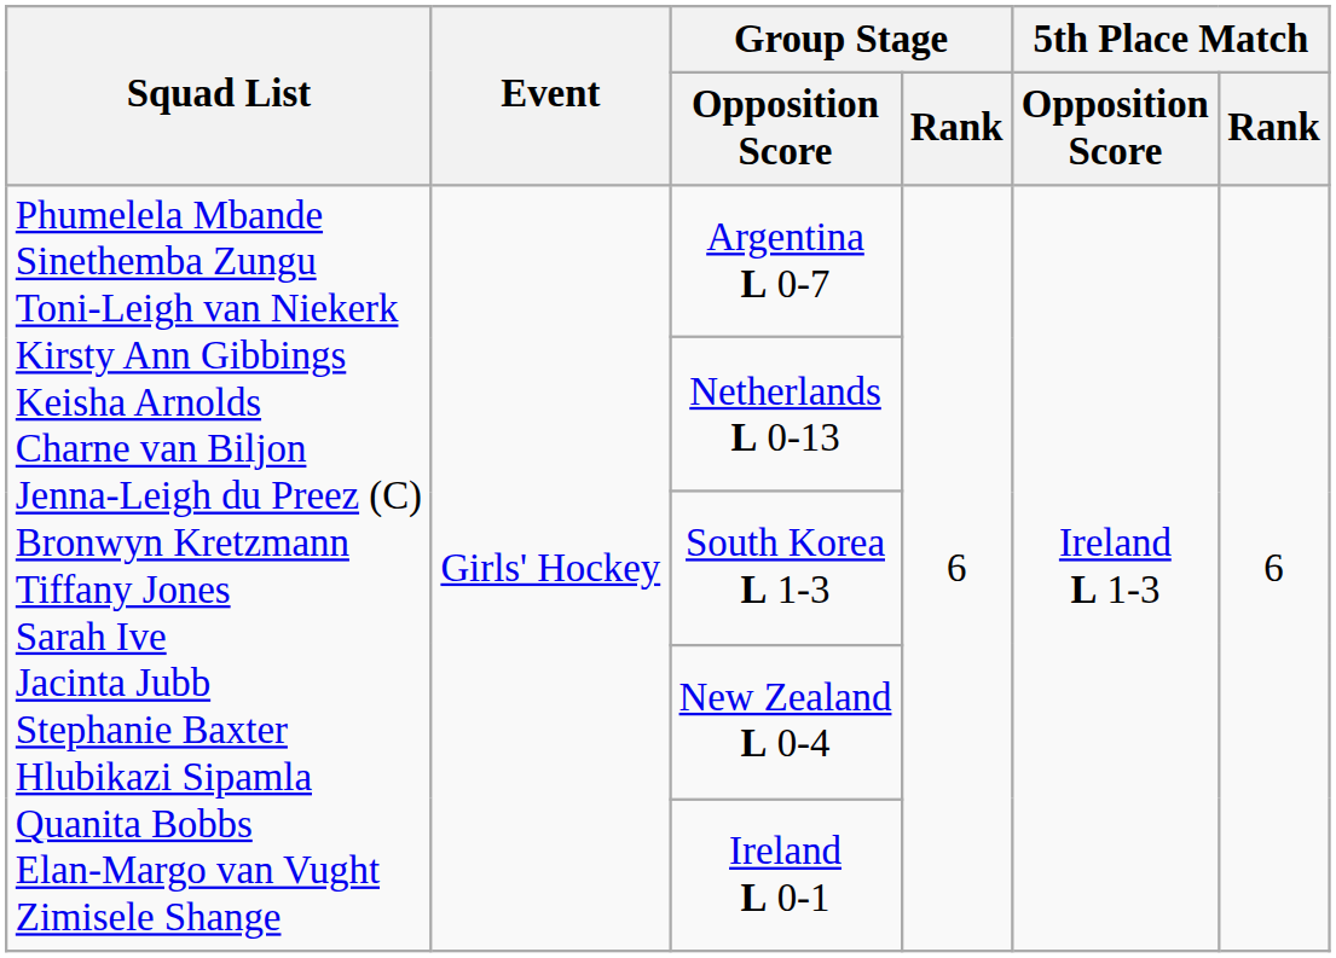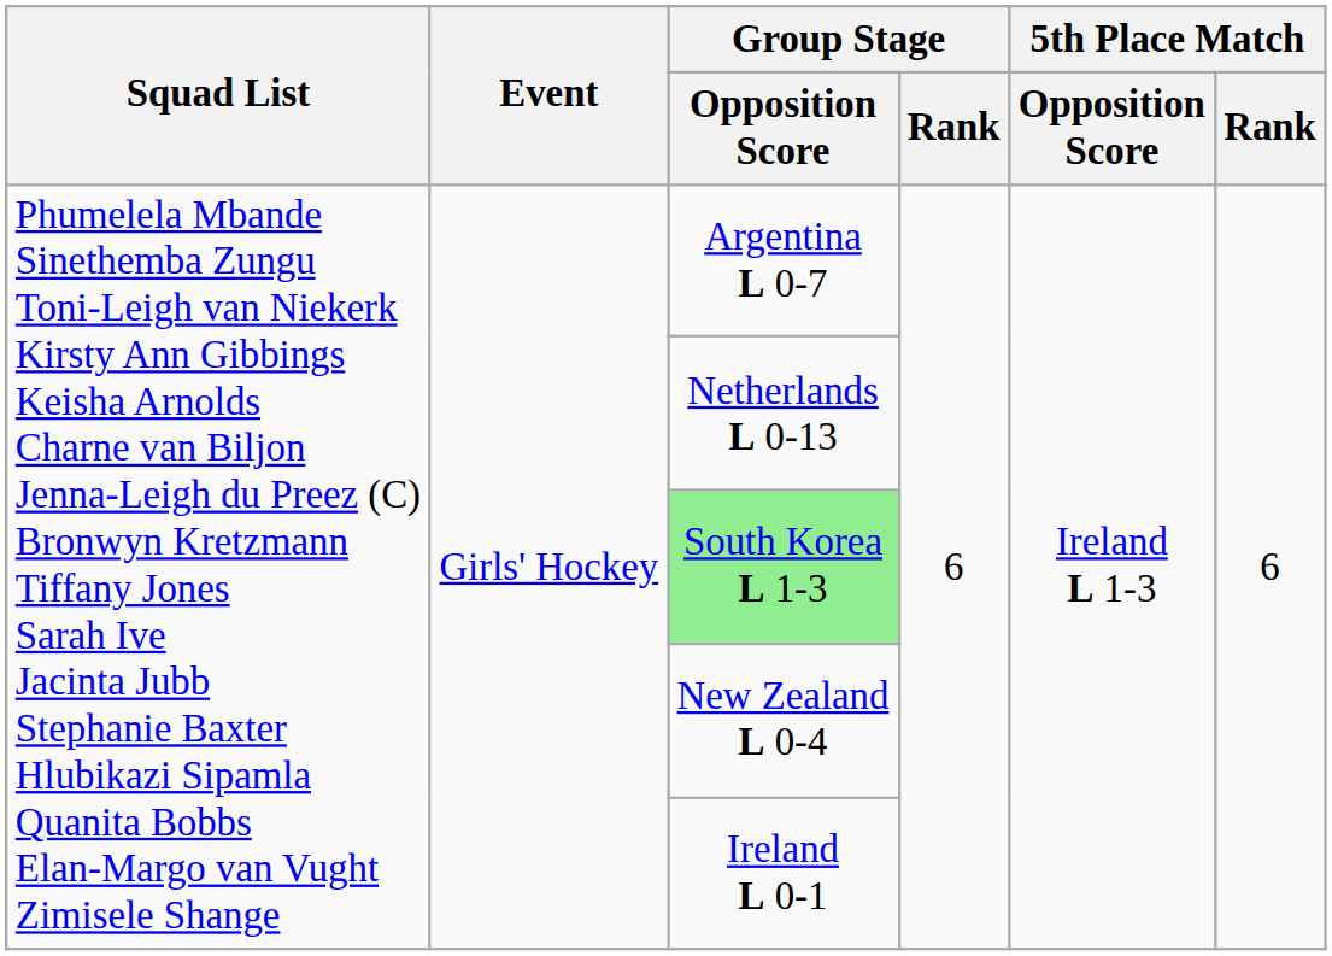 <table class=wikitable style="font-size:90%">
 <tr>
 <th rowspan=2>Squad List</th>
 <th rowspan=2>Event</th>
 <th colspan=2>Group Stage</th>
 <th colspan=2>5th Place Match</th>
 </tr>
 <tr>
 <th>Opposition<br>Score</th>
 <th>Rank</th>
 <th>Opposition<br>Score</th>
 <th>Rank</th>
 </tr>
 <tr>
 <td rowspan=5><a href='#'>Phumelela Mbande</a><br><a href='#'>Sinethemba Zungu</a><br><a href='#'>Toni-Leigh van Niekerk</a><br><a href='#'>Kirsty Ann Gibbings</a><br><a href='#'>Keisha Arnolds</a><br><a href='#'>Charne van Biljon</a><br><a href='#'>Jenna-Leigh du Preez</a> (C)<br><a href='#'>Bronwyn Kretzmann</a><br><a href='#'>Tiffany Jones</a><br><a href='#'>Sarah Ive</a><br><a href='#'>Jacinta Jubb</a><br><a href='#'>Stephanie Baxter</a><br><a href='#'>Hlubikazi Sipamla</a><br><a href='#'>Quanita Bobbs</a><br><a href='#'>Elan-Margo van Vught</a><br><a href='#'>Zimisele Shange</a></td>
 <td rowspan=5><a href='#'>Girls' Hockey</a></td>
 <td align=center> <a href='#'>Argentina</a><br> <strong>L</strong> 0-7</td>
 <td rowspan=5 align=center>6</td>
 <td rowspan=5 align=center> <a href='#'>Ireland</a><br> <strong>L</strong> 1-3</td>
 <td rowspan=5 align=center>6</td>
 </tr>
 <tr>
 <td align=center> <a href='#'>Netherlands</a><br> <strong>L</strong> 0-13</td>
 </tr>
 <tr>
-<td align=center> <a href='#'>South Korea</a><br> <strong>L</strong> 1-3</td>
+<td align=center style="background: lightgreen;"> <a href='#'>South Korea</a><br> <strong>L</strong> 1-3</td>
 </tr>
 <tr>
 <td align=center> <a href='#'>New Zealand</a><br> <strong>L</strong> 0-4</td>
 </tr>
 <tr>
 <td align=center> <a href='#'>Ireland</a><br> <strong>L</strong> 0-1</td>
 </tr>
 </table>
